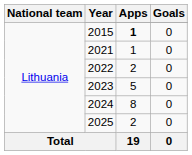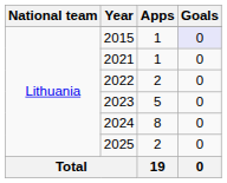 <table class="wikitable" style="text-align: center;">
 <tr>
 <th>National team</th>
 <th>Year</th>
 <th>Apps</th>
 <th>Goals</th>
 </tr>
 <tr>
 <td rowspan="7"><a href='#'>Lithuania</a></td>
 </tr>
 <tr>
 <td>2015</td>
-<td><strong>1</strong></td>
-<td>0</td>
+<td>1</td>
+<td style="background: lavender;">0</td>
 </tr>
 <tr>
 <td>2021</td>
 <td>1</td>
 <td>0</td>
 </tr>
 <tr>
 <td>2022</td>
 <td>2</td>
 <td>0</td>
 </tr>
 <tr>
 <td>2023</td>
 <td>5</td>
 <td>0</td>
 </tr>
 <tr>
 <td>2024</td>
 <td>8</td>
 <td>0</td>
 </tr>
 <tr>
 <td>2025</td>
 <td>2</td>
 <td>0</td>
 </tr>
 <tr>
 <th colspan=2>Total</th>
 <th>19</th>
 <th>0</th>
 </tr>
 </table>
